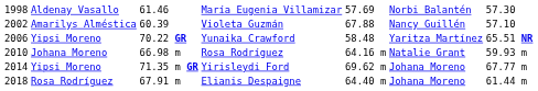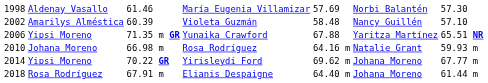 <table>
 <tr>
 <td>1998</td>
 <td><a href='#'>Aldenay Vasallo</a><br> </td>
 <td>61.46</td>
 <td><a href='#'>María Eugenia Villamizar</a><br> </td>
 <td>57.69</td>
 <td><a href='#'>Norbi Balantén</a><br> </td>
 <td>57.30</td>
 </tr>
 <tr>
 <td>2002</td>
 <td><a href='#'>Amarilys Alméstica</a><br> </td>
 <td>60.39</td>
 <td><a href='#'>Violeta Guzmán</a><br> </td>
-<td>67.88</td>
+<td>58.48</td>
 <td><a href='#'>Nancy Guillén</a><br> </td>
 <td>57.10</td>
 </tr>
 <tr>
 <td>2006</td>
 <td><a href='#'>Yipsi Moreno</a><br></td>
-<td>70.22 <strong><a href='#'>GR</a></strong></td>
+<td>71.35 m <strong><a href='#'>GR</a></strong></td>
 <td><a href='#'>Yunaika Crawford</a><br></td>
-<td>58.48</td>
+<td>67.88</td>
 <td><a href='#'>Yaritza Martínez</a><br></td>
 <td>65.51 <strong><a href='#'>NR</a></strong></td>
 </tr>
 <tr>
 <td>2010</td>
 <td><a href='#'>Johana Moreno</a><br></td>
 <td>66.98 m</td>
 <td><a href='#'>Rosa Rodríguez</a><br></td>
 <td>64.16 m</td>
 <td><a href='#'>Natalie Grant</a><br></td>
 <td>59.93 m</td>
 </tr>
 <tr>
 <td>2014</td>
 <td><a href='#'>Yipsi Moreno</a><br></td>
-<td>71.35 m <strong><a href='#'>GR</a></strong></td>
+<td>70.22 <strong><a href='#'>GR</a></strong></td>
 <td><a href='#'>Yirisleydi Ford</a><br></td>
 <td>69.62 m</td>
 <td><a href='#'>Johana Moreno</a><br></td>
 <td>67.77 m</td>
 </tr>
 <tr>
 <td>2018</td>
 <td><a href='#'>Rosa Rodríguez</a><br></td>
 <td>67.91 m</td>
 <td><a href='#'>Elianis Despaigne</a><br></td>
 <td>64.40 m</td>
 <td><a href='#'>Johana Moreno</a><br></td>
 <td>61.44 m</td>
 </tr>
 </table>
